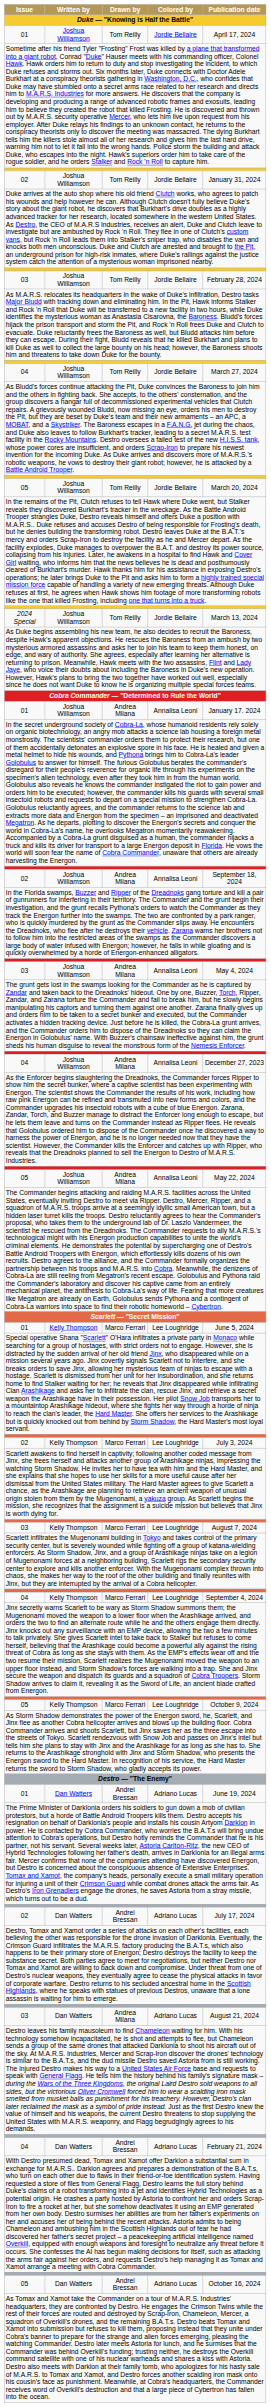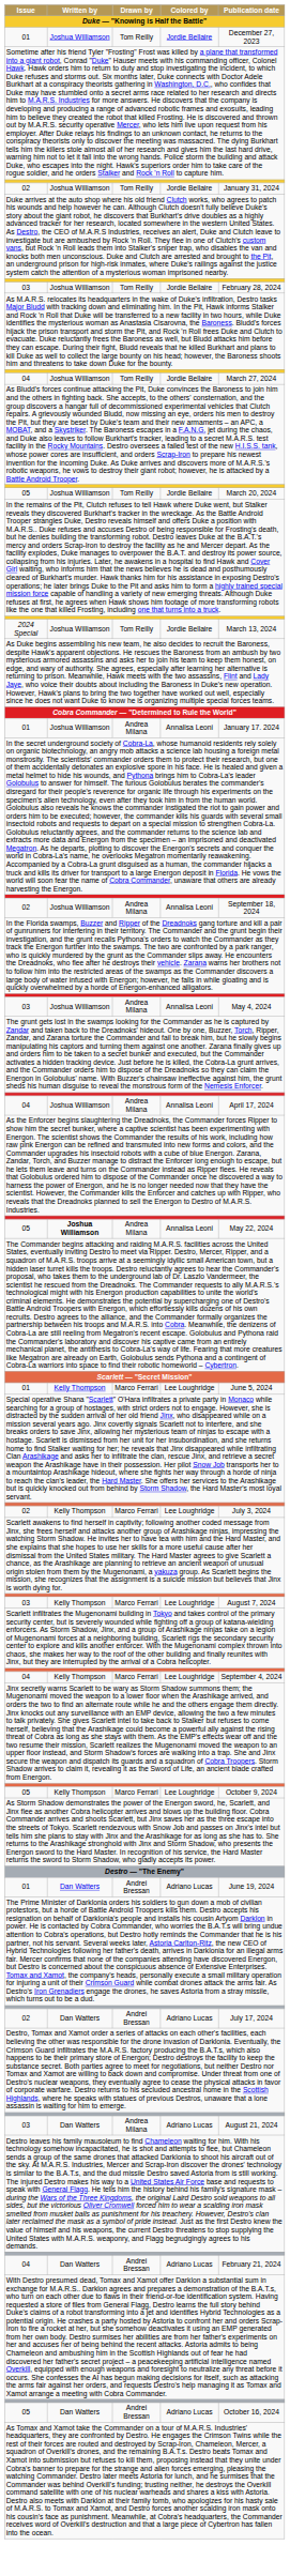 <table class="wikitable" style="text-align: center;" width="100%;">
 <tr>
 <th style="background:#B59856; color:white">Issue</th>
 <th style="background:#B59856; color:white">Written by</th>
 <th style="background:#B59856; color:white">Drawn by</th>
 <th style="background:#B59856; color:white">Colored by</th>
 <th style="background:#B59856; color:white">Publication date</th>
 </tr>
 <tr>
 <th colspan="5" style="background:#F6CB2F; color:black"><em>Duke</em> — "Knowing is Half the Battle"</th>
 </tr>
 <tr>
 <td>01</td>
 <td><a href='#'>Joshua Williamson</a></td>
 <td>Tom Reilly</td>
 <td><a href='#'>Jordie Bellaire</a></td>
-<td>April 17, 2024</td>
+<td>December 27, 2023</td>
 </tr>
 <tr>
 <td colspan="5" style="text-align: left;">Sometime after his friend Tyler "Frosting" Frost was killed by <a href='#'>a plane that transformed into a giant robot</a>, Conrad "<a href='#'>Duke</a>" Hauser meets with his commanding officer, Colonel <a href='#'>Hawk</a>. Hawk orders him to return to duty and stop investigating the incident, to which Duke refuses and storms out. Six months later, Duke connects with Doctor Adele Burkhart at a conspiracy theorists gathering in <a href='#'>Washington, D.C.</a>, who confides that Duke may have stumbled onto a secret arms race related to her research and directs him to <a href='#'>M.A.R.S. Industries</a> for more answers. He discovers that the company is developing and producing a range of advanced robotic frames and exosuits, leading him to believe they created the robot that killed Frosting. He is discovered and thrown out by M.A.R.S. security operative <a href='#'>Mercer</a>, who lets him live upon request from his employer. After Duke relays his findings to an unknown contact, he returns to the conspiracy theorists only to discover the meeting was massacred. The dying Burkhart tells him the killers stole almost all of her research and gives him the last hard drive, warning him not to let it fall into the wrong hands. Police storm the building and attack Duke, who escapes into the night. Hawk's superiors order him to take care of the rogue soldier, and he orders <a href='#'>Stalker</a> and <a href='#'>Rock 'n Roll</a> to capture him.</td>
 </tr>
 <tr>
 <th colspan="5" style="background:#F6CB2F"></th>
 </tr>
 <tr>
 <td>02</td>
 <td>Joshua Williamson</td>
 <td>Tom Reilly</td>
 <td>Jordie Bellaire</td>
 <td>January 31, 2024</td>
 </tr>
 <tr>
 <td colspan="5" style="text-align: left;">Duke arrives at the auto shop where his old friend <a href='#'>Clutch</a> works, who agrees to patch his wounds and help however he can. Although Clutch doesn't fully believe Duke's story about the giant robot, he discovers that Burkhart's drive doubles as a highly advanced tracker for her research, located somewhere in the western United States. As <a href='#'>Destro</a>, the CEO of M.A.R.S Industries, receives an alert, Duke and Clutch leave to investigate but are ambushed by Rock 'n Roll. They flee in one of Clutch's <a href='#'>custom vans</a>, but Rock 'n Roll leads them into Stalker's sniper trap, who disables the van and knocks both men unconscious. Duke and Clutch are arrested and brought to <a href='#'>the Pit</a>, an underground prison for high-risk inmates, where Duke's railings against the justice system catch the attention of a mysterious woman imprisoned nearby.</td>
 </tr>
 <tr>
 <th colspan="5" style="background:#F6CB2F"></th>
 </tr>
 <tr>
 <td>03</td>
 <td>Joshua Williamson</td>
 <td>Tom Reilly</td>
 <td>Jordie Bellaire</td>
 <td>February 28, 2024</td>
 </tr>
 <tr>
 <td colspan="5" style="text-align: left;">As M.A.R.S. relocates its headquarters in the wake of Duke's infiltration, Destro tasks <a href='#'>Major Bludd</a> with tracking down and eliminating him. In the Pit, Hawk informs Stalker and Rock 'n Roll that Duke will be transferred to a new facility in two hours, while Duke identifies the mysterious woman as Anastasia Cisarovna, the <a href='#'>Baroness</a>. Bludd's forces hijack the prison transport and storm the Pit, and Rock 'n Roll frees Duke and Clutch to evacuate. Duke reluctantly frees the Baroness as well, but Bludd attacks him before they can escape. During their fight, Bludd reveals that he killed Burkhart and plans to kill Duke as well to collect the large bounty on his head; however, the Baroness shoots him and threatens to take down Duke for the bounty.</td>
 </tr>
 <tr>
 <th colspan="5" style="background:#F6CB2F"></th>
 </tr>
 <tr>
 <td>04</td>
 <td>Joshua Williamson</td>
 <td>Tom Reilly</td>
 <td>Jordie Bellaire</td>
 <td>March 27, 2024</td>
 </tr>
 <tr>
 <td colspan="5" style="text-align: left;">As Bludd's forces continue attacking the Pit, Duke convinces the Baroness to join him and the others in fighting back. She accepts, to the others' consternation, and the group discovers a hangar full of decommissioned experimental vehicles that Clutch repairs. A grievously wounded Bludd, now missing an eye, orders his men to destroy the Pit, but they are beset by Duke's team and their new armaments – an APC, a <a href='#'>MOBAT</a>, and a <a href='#'>Skystriker</a>. The Baroness escapes in a <a href='#'>F.A.N.G.</a> jet during the chaos, and Duke also leaves to follow Burkhart's tracker, leading to a secret M.A.R.S. test facility in the <a href='#'>Rocky Mountains</a>. Destro oversees a failed test of the new <a href='#'>H.I.S.S. tank</a>, whose power cores are insufficient, and orders <a href='#'>Scrap-Iron</a> to prepare his newest invention for the incoming Duke. As Duke arrives and discovers more of M.A.R.S.'s robotic weapons, he vows to destroy their giant robot; however, he is attacked by a <a href='#'>Battle Android Trooper</a>.</td>
 </tr>
 <tr>
 <th colspan="5" style="background:#F6CB2F"></th>
 </tr>
 <tr>
 <td>05</td>
 <td>Joshua Williamson</td>
 <td>Tom Reilly</td>
 <td>Jordie Bellaire</td>
 <td>March 20, 2024</td>
 </tr>
 <tr>
 <td colspan="5" style="text-align: left;">In the remains of the Pit, Clutch refuses to tell Hawk where Duke went, but Stalker reveals they discovered Burkhart's tracker in the wreckage. As the Battle Android Trooper strangles Duke, Destro reveals himself and offers Duke a position with M.A.R.S.. Duke refuses and accuses Destro of being responsible for Frosting's death, but he denies building the transforming robot. Destro leaves Duke at the B.A.T.'s mercy and orders Scrap-Iron to destroy the facility as he and Mercer depart. As the facility explodes, Duke manages to overpower the B.A.T. and destroy its power source, collapsing from his injuries. Later, he awakens in a hospital to find Hawk and <a href='#'>Cover Girl</a> waiting, who informs him that the news believes he is dead and posthumously cleared of Burkhart's murder. Hawk thanks him for his assistance in exposing Destro's operations; he later brings Duke to the Pit and asks him to form a <a href='#'>highly trained special mission force</a> capable of handling a variety of new emerging threats. Although Duke refuses at first, he agrees when Hawk shows him footage of more transforming robots like the one that killed Frosting, including <a href='#'>one that turns into a truck</a>.</td>
 </tr>
 <tr>
 <th colspan="5" style="background:#F6CB2F"></th>
 </tr>
 <tr>
 <td><em>2024 Special</em></td>
 <td>Joshua Williamson</td>
 <td>Tom Reilly</td>
 <td>Jordie Bellaire</td>
 <td>March 13, 2024</td>
 </tr>
 <tr>
 <td colspan="5" style="text-align: left;">As Duke begins assembling his new team, he also decides to recruit the Baroness, despite Hawk's apparent objections. He rescues the Baroness from an ambush by two mysterious armored assassins and asks her to join his team to keep them honest, on edge, and wary of authority. She agrees, especially after learning her alternative is returning to prison. Meanwhile, Hawk meets with the two assassins, <a href='#'>Flint</a> and <a href='#'>Lady Jaye</a>, who voice their doubts about including the Baroness in Duke's new operation. However, Hawk's plans to bring the two together have worked out well, especially since he does not want Duke to know he is organizing multiple special forces teams.</td>
 </tr>
 <tr>
 <th colspan="5" style="background:#DF1E23; color:white"><em>Cobra Commander</em> — "Determined to Rule the World"</th>
 </tr>
 <tr>
 <td>01</td>
 <td>Joshua Williamson</td>
 <td>Andrea Milana</td>
 <td>Annalisa Leoni</td>
 <td>January 17. 2024</td>
 </tr>
 <tr>
 <td colspan="5" style="text-align: left;">In the secret underground society of <a href='#'>Cobra-La</a>, whose humanoid residents rely solely on organic biotechnology, an angry mob attacks a science lab housing a foreign metal monstrosity. The scientists' commander orders them to protect their research, but one of them accidentally detonates an explosive spore in his face. He is healed and given a metal helmet to hide his wounds, and <a href='#'>Pythona</a> brings him to Cobra-La's leader <a href='#'>Golobulus</a> to answer for himself. The furious Golobulus berates the commander's disregard for their people's reverence for organic life through his experiments on the specimen's alien technology, even after they took him in from the human world. Golobulus also reveals he knows the commander instigated the riot to gain power and orders him to be executed; however, the commander kills his guards with several small insectoid robots and requests to depart on a special mission to strengthen Cobra-La. Golobulus reluctantly agrees, and the commander returns to the science lab and extracts more data and Energon from the specimen – an imprisoned and deactivated <a href='#'>Megatron</a>. As he departs, plotting to discover the Energon's secrets and conquer the world in Cobra-La's name, he overlooks Megatron momentarily reawakening. Accompanied by a Cobra-La grunt disguised as a human, the commander hijacks a truck and kills its driver for transport to a large Energon deposit in <a href='#'>Florida</a>. He vows the world will soon fear the name of <a href='#'>Cobra Commander</a>, unaware that others are already harvesting the Energon.</td>
 </tr>
 <tr>
 <th colspan="5" style="background:#DF1E23"></th>
 </tr>
 <tr>
 <td>02</td>
 <td>Joshua Williamson</td>
 <td>Andrea Milana</td>
 <td>Annalisa Leoni</td>
 <td>September 18, 2024</td>
 </tr>
 <tr>
 <td colspan="5" style="text-align: left;">In the Florida swamps, <a href='#'>Buzzer</a> and <a href='#'>Ripper</a> of the <a href='#'>Dreadnoks</a> gang torture and kill a pair of gunrunners for interfering in their territory. The Commander and the grunt begin their investigation, and the grunt recalls Pythona's orders to watch the Commander as they track the Energon further into the swamps. The two are confronted by a park ranger, who is quickly murdered by the grunt as the Commander slips away. He encounters the Dreadnoks, who flee after he destroys their <a href='#'>vehicle</a>. <a href='#'>Zarana</a> warns her brothers not to follow him into the restricted areas of the swamps as the Commander discovers a large body of water infused with Energon; however, he falls in while gloating and is quickly overwhelmed by a horde of Energon-enhanced alligators.</td>
 </tr>
 <tr>
 <th colspan="5" style="background:#DF1E23"></th>
 </tr>
 <tr>
 <td>03</td>
 <td>Joshua Williamson</td>
 <td>Andrea Milana</td>
 <td>Annalisa Leoni</td>
 <td>May 4, 2024</td>
 </tr>
 <tr>
 <td colspan="5" style="text-align: left;">The grunt gets lost in the swamps looking for the Commander as he is captured by <a href='#'>Zandar</a> and taken back to the Dreadnoks' hideout. One by one, Buzzer, <a href='#'>Torch</a>, Ripper, Zandar, and Zarana torture the Commander and fail to break him, but he slowly begins manipulating his captors and turning them against one another. Zarana finally gives up and orders him to be taken to a secret bunker and executed, but the Commander activates a hidden tracking device. Just before he is killed, the Cobra-La grunt arrives, and the Commander orders him to dispose of the Dreadnoks so they can claim the Energon in Golobulus' name. With Buzzer's chainsaw ineffective against him, the grunt sheds his human disguise to reveal the monstrous form of the <a href='#'>Nemesis Enforcer</a>.</td>
 </tr>
 <tr>
 <th colspan="5" style="background:#DF1E23"></th>
 </tr>
 <tr>
 <td>04</td>
 <td>Joshua Williamson</td>
 <td>Andrea Milana</td>
 <td>Annalisa Leoni</td>
-<td>December 27, 2023</td>
+<td>April 17, 2024</td>
 </tr>
 <tr>
 <td colspan="5" style="text-align: left;">As the Enforcer begins slaughtering the Dreadnoks, the Commander forces Ripper to show him the secret bunker, where a captive scientist has been experimenting with Energon. The scientist shows the Commander the results of his work, including how raw pink Energon can be refined and transmuted into new forms and colors, and the Commander upgrades his insectoid robots with a cube of blue Energon. Zarana, Zandar, Torch, and Buzzer manage to distract the Enforcer long enough to escape, but he lets them leave and turns on the Commander instead as Ripper flees. He reveals that Golobulus ordered him to dispose of the Commander once he discovered a way to harness the power of Energon, and he is no longer needed now that they have the scientist. However, the Commander kills the Enforcer and catches up with Ripper, who reveals that the Dreadnoks planned to sell the Energon to Destro of M.A.R.S. Industries.</td>
 </tr>
 <tr>
 <th colspan="5" style="background:#DF1E23"></th>
 </tr>
 <tr>
 <td>05</td>
-<td>Joshua Williamson</td>
+<td><strong>Joshua Williamson</strong></td>
 <td>Andrea Milana</td>
 <td>Annalisa Leoni</td>
 <td>May 22, 2024</td>
 </tr>
 <tr>
 <td colspan="5" style="text-align: left;">The Commander begins attacking and raiding M.A.R.S. facilities across the United States, eventually inviting Destro to meet via Ripper. Destro, Mercer, Ripper, and a squadron of M.A.R.S. troops arrive at a seemingly idyllic small American town, but a hidden laser turret kills the troops. Destro reluctantly agrees to hear the Commander's proposal, who takes them to the underground lab of Dr. Laszlo Vandermeer, the scientist he rescued from the Dreadnoks. The Commander requests to ally M.A.R.S.'s technological might with his Energon production capabilities to unite the world's criminal elements. He demonstrates the potential by supercharging one of Destro's Battle Android Troopers with Energon, which effortlessly kills dozens of his own recruits. Destro agrees to the alliance, and the Commander formally organizes the partnership between his troops and M.A.R.S. into <a href='#'>Cobra</a>. Meanwhile, the denizens of Cobra-La are still reeling from Megatron's recent escape. Golobulus and Pythona raid the Commander's laboratory and discover his captive came from an entirely mechanical planet, the antithesis to Cobra-La's way of life. Fearing that more creatures like Megatron are already on Earth, Golobulus sends Pythona and a contingent of Cobra-La warriors into space to find their robotic homeworld – <a href='#'>Cybertron</a>.</td>
 </tr>
 <tr>
 <th colspan="5" style="background:#E46947; color:white"><em>Scarlett</em> — "Secret Mission"</th>
 </tr>
 <tr>
 <td>01</td>
 <td><a href='#'>Kelly Thompson</a></td>
 <td>Marco Ferrari</td>
 <td>Lee Loughridge</td>
 <td>June 5, 2024</td>
 </tr>
 <tr>
 <td colspan="5" style="text-align: left;">Special operative Shana "<a href='#'>Scarlett</a>" O'Hara infiltrates a private party in <a href='#'>Monaco</a> while searching for a group of hostages, with strict orders not to engage. However, she is distracted by the sudden arrival of her old friend <a href='#'>Jinx</a>, who disappeared while on a mission several years ago. Jinx covertly signals Scarlett not to interfere, and she breaks orders to save Jinx, allowing her mysterious team of ninjas to escape with a hostage. Scarlett is dismissed from her unit for her insubordination, and she returns home to find Stalker waiting for her; he reveals that Jinx disappeared while infiltrating Clan <a href='#'>Arashikage</a> and asks her to infiltrate the clan, rescue Jinx, and retrieve a secret weapon the Arashikage have in their possession. Her pilot <a href='#'>Snow Job</a> transports her to a mountaintop Arashikage hideout, where she fights her way through a horde of ninja to reach the clan's leader, the <a href='#'>Hard Master</a>. She offers her services to the Arashikage but is quickly knocked out from behind by <a href='#'>Storm Shadow</a>, the Hard Master's most loyal servant.</td>
 </tr>
 <tr>
 <th colspan="5" style="background:#E46947"></th>
 </tr>
 <tr>
 <td>02</td>
 <td>Kelly Thompson</td>
 <td>Marco Ferrari</td>
 <td>Lee Loughridge</td>
 <td>July 3, 2024</td>
 </tr>
 <tr>
 <td colspan="5" style="text-align: left;">Scarlett awakens to find herself in captivity; following another coded message from Jinx, she frees herself and attacks another group of Arashikage ninjas, impressing the watching Storm Shadow. He invites her to have tea with him and the Hard Master, and she explains that she hopes to use her skills for a more useful cause after her dismissal from the United States military. The Hard Master agrees to give Scarlett a chance, as the Arashikage are planning to retrieve an ancient weapon of unusual origin stolen from them by the Mugenonami, a <a href='#'>yakuza</a> group. As Scarlett begins the mission, she recognizes that the assignment is a suicide mission but believes that Jinx is worth dying for.</td>
 </tr>
 <tr>
 <th colspan="5" style="background:#E46947"></th>
 </tr>
 <tr>
 <td>03</td>
 <td>Kelly Thompson</td>
 <td>Marco Ferrari</td>
 <td>Lee Loughridge</td>
 <td>August 7, 2024</td>
 </tr>
 <tr>
 <td colspan="5" style="text-align: left;">Scarlett infiltrates the Mugenonami building in <a href='#'>Tokyo</a> and takes control of the primary security center, but is severely wounded while fighting off a group of katana-wielding enforcers. As Storm Shadow, Jinx, and a group of Arashikage ninjas take on a legion of Mugenonami forces at a neighboring building, Scarlett rigs the secondary security center to explore and kills another enforcer. With the Mugenonami complex thrown into chaos, she makes her way to the roof of the other building and finally reunites with Jinx, but they are interrupted by the arrival of a Cobra helicopter.</td>
 </tr>
 <tr>
 <th colspan="5" style="background:#E46947"></th>
 </tr>
 <tr>
 <td>04</td>
 <td>Kelly Thompson</td>
 <td>Marco Ferrari</td>
 <td>Lee Loughridge</td>
 <td>September 4, 2024</td>
 </tr>
 <tr>
 <td colspan="5" style="text-align: left;">Jinx secretly warns Scarlett to be wary as Storm Shadow summons them; the Mugenonami moved the weapon to a lower floor when the Arashikage arrived, and orders the two to find an alternate route while he and the others engage them directly. Jinx knocks out any surveillance with an EMP device, allowing the two a few minutes to talk privately. She gives Scarlett intel to take back to Stalker but refuses to come herself, believing that the Arashikage could become a powerful ally against the rising threat of Cobra as long as she stays with them. As the EMP's effects wear off and the two resume their mission, Scarlett realizes the Mugenonami moved the weapon to an upper floor instead, and Storm Shadow's forces are walking into a trap. She and Jinx secure the weapon and dispatch its guards and a squadron of <a href='#'>Cobra Troopers</a>. Storm Shadow arrives to claim it, revealing it as the Sword of Life, an ancient blade crafted from Energon.</td>
 </tr>
 <tr>
 <th colspan="5" style="background:#E46947"></th>
 </tr>
 <tr>
 <td>05</td>
 <td>Kelly Thompson</td>
 <td>Marco Ferrari</td>
 <td>Lee Loughridge</td>
 <td>October 9, 2024</td>
 </tr>
 <tr>
 <td colspan="5" style="text-align: left;">As Storm Shadow demonstrates the power of the Energon sword, he, Scarlett, and Jinx flee as another Cobra helicopter arrives and blows up the building floor. Cobra Commander arrives and shoots Scarlett, but Jinx saves her as the three escape into the streets of Tokyo. Scarlett rendezvous with Snow Job and passes on Jinx's intel but tells him she plans to stay with Jinx and the Arashikage for as long as she has to. She returns to the Arashikage stronghold with Jinx and Storm Shadow, who presents the Energon sword to the Hard Master. In recognition of his service, the Hard Master returns the sword to Storm Shadow, who gladly accepts its power.</td>
 </tr>
 <tr>
 <th colspan="5" style="background:#A5ACB4; color:black"><em>Destro</em> — "The Enemy"</th>
 </tr>
 <tr>
 <td>01</td>
 <td><a href='#'>Dan Watters</a></td>
 <td>Andrei Bressan</td>
 <td>Adriano Lucas</td>
 <td>June 19, 2024</td>
 </tr>
 <tr>
 <td colspan="5" style="text-align: left;">The Prime Minister of Darklonia orders his soldiers to gun down a mob of civilian protestors, but a horde of Battle Android Troopers kills them. Destro accepts his resignation on behalf of Darklonia's people and installs his cousin Artyom <a href='#'>Darklon</a> in power. He is contacted by Cobra Commander, who worries the B.A.T.s will bring undue attention to Cobra's operations, but Destro hotly reminds the Commander that he is his partner, not his servant. Several weeks later, <a href='#'>Astoria Carlton-Ritz</a>, the new CEO of Hybrid Technologies following her father's death, arrives in Darklonia for an illegal arms fair. Mercer confirms that none of the companies attending have discovered Energon, but Destro is concerned about the conspicuous absence of Extensive Enterprises. <a href='#'>Tomax and Xamot</a>, the company's heads, personally execute a small military operation for injuring a unit of their <a href='#'>Crimson Guard</a> while combat drones attack the arms fair. As Destro's <a href='#'>Iron Grenadiers</a> engage the drones, he saves Astoria from a stray missile, which turns out to be a dud.</td>
 </tr>
 <tr>
 <th colspan="5" style="background:#A5ACB4"></th>
 </tr>
 <tr>
 <td>02</td>
 <td>Dan Watters</td>
 <td>Andrei Bressan</td>
 <td>Adriano Lucas</td>
 <td>July 17, 2024</td>
 </tr>
 <tr>
 <td colspan="5" style="text-align: left;">Destro, Tomax and Xamot order a series of attacks on each other's facilities, each believing the other was responsible for the drone invasion of Darklonia. Eventually, the Crimson Guard infiltrates the M.A.R.S. factory producing the B.A.T.s, which also happens to be their primary store of Energon; Destro destroys the facility to keep the substance secret. Both parties agree to meet for negotiations, but neither Destro nor Tomax and Xamot are willing to back down and compromise. Under threat from one of Destro's nuclear weapons, they eventually agree to cease the physical attacks in favor of corporate warfare. Destro returns to his secluded ancestral home in the <a href='#'>Scottish Highlands</a>, where he speaks with statues of previous Destros, unaware that a lone assassin is waiting for him to emerge.</td>
 </tr>
 <tr>
 <th colspan="5" style="background:#A5ACB4"></th>
 </tr>
 <tr>
 <td>03</td>
 <td>Dan Watters</td>
 <td>Andrea Milana</td>
 <td>Adriano Lucas</td>
 <td>August 21, 2024</td>
 </tr>
 <tr>
 <td colspan="5" style="text-align: left;">Destro leaves his family mausoleum to find <a href='#'>Chameleon</a> waiting for him. With his technology somehow incapacitated, he is shot and attempts to flee, but Chameleon sends a group of the same drones that attacked Darklonia to shoot his aircraft out of the sky. At M.A.R.S. Industries, Mercer and Scrap-Iron discover the drones' technology is similar to the B.A.T.s, and the dud missile Destro saved Astoria from is still working. The injured Destro makes his way to a <a href='#'>United States Air Force</a> base and requests to speak with <a href='#'>General Flagg</a>. He tells him the history behind his family's signature mask – <em>during the <a href='#'>Wars of the Three Kingdoms</a>, the original Laird Destro sold weapons to all sides, but the victorious <a href='#'>Oliver Cromwell</a> forced him to wear a scalding iron mask smelted from musket balls as punishment for his treachery. However, Destro's clan later reclaimed the mask as a symbol of pride instead.</em> Just as the first Destro knew the value of himself and his weapons, the current Destro threatens to stop supplying the United States with M.A.R.S. weaponry, and Flagg begrudgingly agrees to his demands.</td>
 </tr>
 <tr>
 <th colspan="5" style="background:#A5ACB4"></th>
 </tr>
 <tr>
 <td>04</td>
 <td>Dan Watters</td>
 <td>Andrei Bressan</td>
 <td>Adriano Lucas</td>
 <td>February 21, 2024</td>
 </tr>
 <tr>
 <td colspan="5" style="text-align: left;">With Destro presumed dead, Tomax and Xamot offer Darklon a substantial sum in exchange for M.A.R.S.. Darklon agrees and prepares a demonstration of the B.A.T.s, who turn on each other due to flaws in their friend-or-foe identification system. Having requested a store of files from General Flagg, Destro learns the full story behind Duke's claims of a robot transforming into a jet and identifies Hybrid Technologies as a potential origin. He crashes a party hosted by Astoria to confront her and orders Scrap-Iron to fire a rocket at her, but she somehow deactivates it using an EMP generated from her own body. Destro surmises her abilities are from her father's experiments on her and accuses her of being behind the recent attacks. Astoria admits to being Chameleon and ambushing him in the Scottish Highlands out of fear he had discovered her father's secret project – a peacekeeping artificial intelligence named <a href='#'>Overkill</a>, equipped with enough weapons and foresight to neutralize any threat before it occurs. She confesses the AI has begun making decisions for itself, such as attacking the arms fair against her orders, and requests Destro's help managing it as Tomax and Xamot arrange a meeting with Cobra Commander.</td>
 </tr>
 <tr>
 <th colspan="5" style="background:#A5ACB4"></th>
 </tr>
 <tr>
 <td>05</td>
 <td>Dan Watters</td>
 <td>Andrei Bressan</td>
 <td>Adriano Lucas</td>
 <td>October 16, 2024</td>
 </tr>
 <tr>
 <td colspan="5" style="text-align: left;">As Tomax and Xamot take the Commander on a tour of M.A.R.S. Industries' headquarters, they are confronted by Destro. He engages the Crimson Twins while the rest of their forces are routed and destroyed by Scrap-Iron, Chameleon, Mercer, a squadron of Overkill's drones, and the remaining B.A.T.s. Destro beats Tomax and Xamot into submission but refuses to kill them, proposing instead that they unite under Cobra's banner to prepare for the strange and alien forces emerging, pleasing the watching Commander. Destro later meets Astoria for lunch, and he surmises that the Commander was behind Overkill's funding; trusting neither, he destroys the Overkill command satellite with one of his nuclear warheads and shares a kiss with Astoria. Destro also meets with Darklon at their family tomb, who apologizes for his hasty sale of M.A.R.S. to Tomax and Xamot, and Destro forces another scalding iron mask onto his cousin's face as punishment. Meanwhile, at Cobra's headquarters, the Commander receives word of Overkill's destruction and that a large piece of Cybertron has fallen into the ocean.</td>
 </tr>
 </table>
